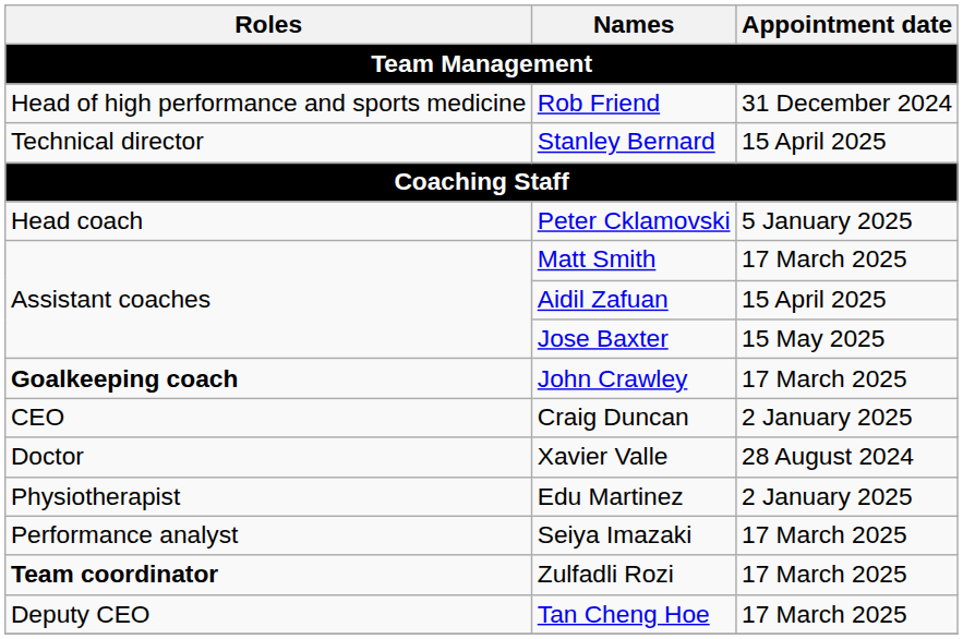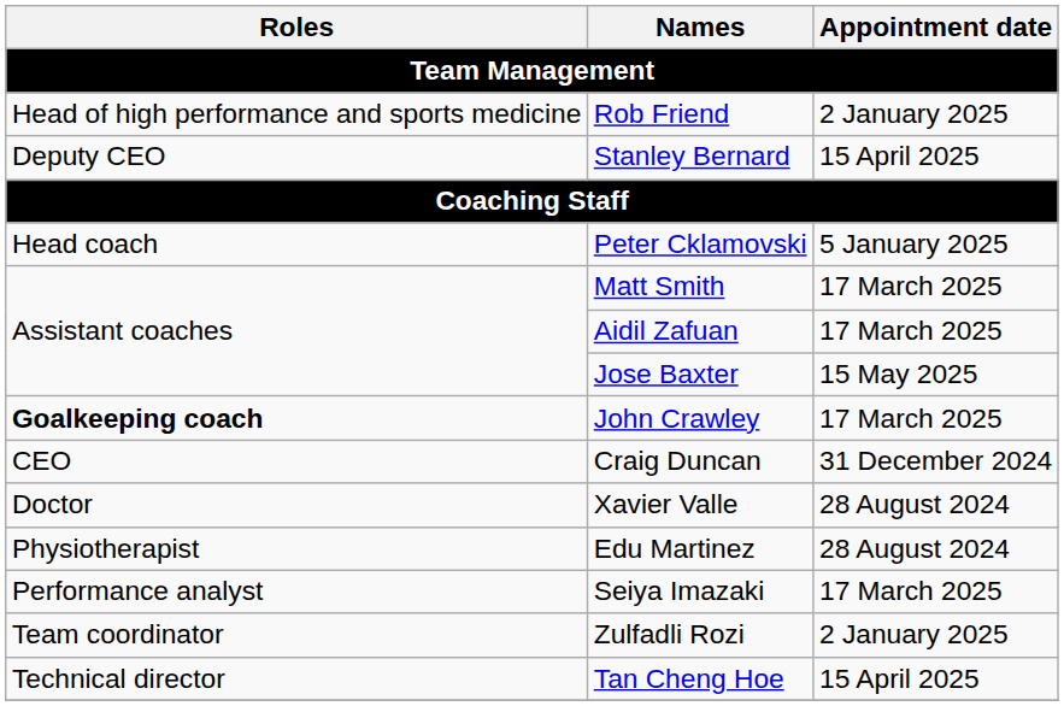 <table class="wikitable">
 <tr>
 <th>Roles</th>
 <th>Names</th>
 <th>Appointment date</th>
 </tr>
 <tr>
 <th colspan=5 style="background: #000000; color: #FFFFFF;">Team Management</th>
 </tr>
 <tr>
 <td>Head of high performance and sports medicine</td>
 <td> <a href='#'>Rob Friend</a></td>
-<td>31 December 2024</td>
+<td>2 January 2025</td>
 </tr>
 <tr>
-<td>Technical director</td>
+<td>Deputy CEO</td>
 <td> <a href='#'>Stanley Bernard</a></td>
 <td>15 April 2025</td>
 </tr>
 <tr>
 <th colspan=5 style="background: #000000; color: #FFFFFF;">Coaching Staff</th>
 </tr>
 <tr>
 <td>Head coach</td>
 <td> <a href='#'>Peter Cklamovski</a></td>
 <td>5 January 2025</td>
 </tr>
 <tr>
 <td rowspan="3">Assistant coaches</td>
 <td> <a href='#'>Matt Smith</a></td>
 <td>17 March 2025</td>
 </tr>
 <tr>
 <td> <a href='#'>Aidil Zafuan</a></td>
-<td>15 April 2025</td>
+<td>17 March 2025</td>
 </tr>
 <tr>
 <td> <a href='#'>Jose Baxter</a></td>
 <td>15 May 2025</td>
 </tr>
 <tr>
 <td><strong>Goalkeeping coach</strong></td>
 <td> <a href='#'>John Crawley</a></td>
 <td>17 March 2025</td>
 </tr>
 <tr>
 <td>CEO</td>
 <td> Craig Duncan</td>
-<td>2 January 2025</td>
+<td>31 December 2024</td>
 </tr>
 <tr>
 <td>Doctor</td>
 <td> Xavier Valle</td>
 <td>28 August 2024</td>
 </tr>
 <tr>
 <td>Physiotherapist</td>
 <td> Edu Martinez</td>
-<td>2 January 2025</td>
+<td>28 August 2024</td>
 </tr>
 <tr>
 <td>Performance analyst</td>
 <td> Seiya Imazaki</td>
 <td>17 March 2025</td>
 </tr>
 <tr>
-<td><strong>Team coordinator</strong></td>
+<td>Team coordinator</td>
 <td> Zulfadli Rozi</td>
-<td>17 March 2025</td>
+<td>2 January 2025</td>
 </tr>
 <tr>
-<td>Deputy CEO</td>
+<td>Technical director</td>
 <td> <a href='#'>Tan Cheng Hoe</a></td>
-<td>17 March 2025</td>
+<td>15 April 2025</td>
 </tr>
 <tr>
 </tr>
 </table>
